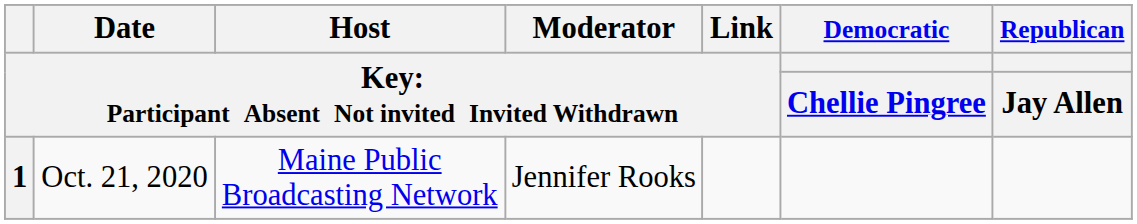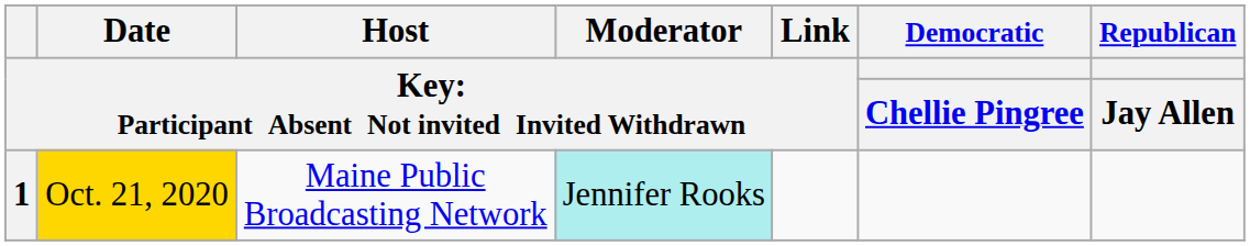 <table class="wikitable" style="text-align:center;">
 <tr>
 <th scope="col"></th>
 <th scope="col">Date</th>
 <th scope="col">Host</th>
 <th scope="col">Moderator</th>
 <th scope="col">Link</th>
 <th scope="col"><small><a href='#'>Democratic</a></small></th>
 <th scope="col"><small><a href='#'>Republican</a></small></th>
 </tr>
 <tr>
 <th colspan="5" rowspan="2">Key:<br> <small>Participant </small>  <small>Absent </small>  <small>Not invited </small>  <small>Invited  Withdrawn</small></th>
 <th scope="col" style="background:"></th>
 <th scope="col" style="background:"></th>
 </tr>
 <tr>
 <th scope="col"><a href='#'>Chellie Pingree</a></th>
 <th scope="col">Jay Allen</th>
 </tr>
 <tr>
 <th>1</th>
-<td style="white-space:nowrap;">Oct. 21, 2020</td>
+<td style="background: gold; white-space:nowrap;">Oct. 21, 2020</td>
 <td style="white-space:nowrap;"><a href='#'>Maine Public</a><br><a href='#'>Broadcasting Network</a></td>
-<td style="white-space:nowrap;">Jennifer Rooks</td>
+<td style="background: paleturquoise; white-space:nowrap;">Jennifer Rooks</td>
 <td style="white-space:nowrap;"></td>
 <td></td>
 <td></td>
 </tr>
 </table>
